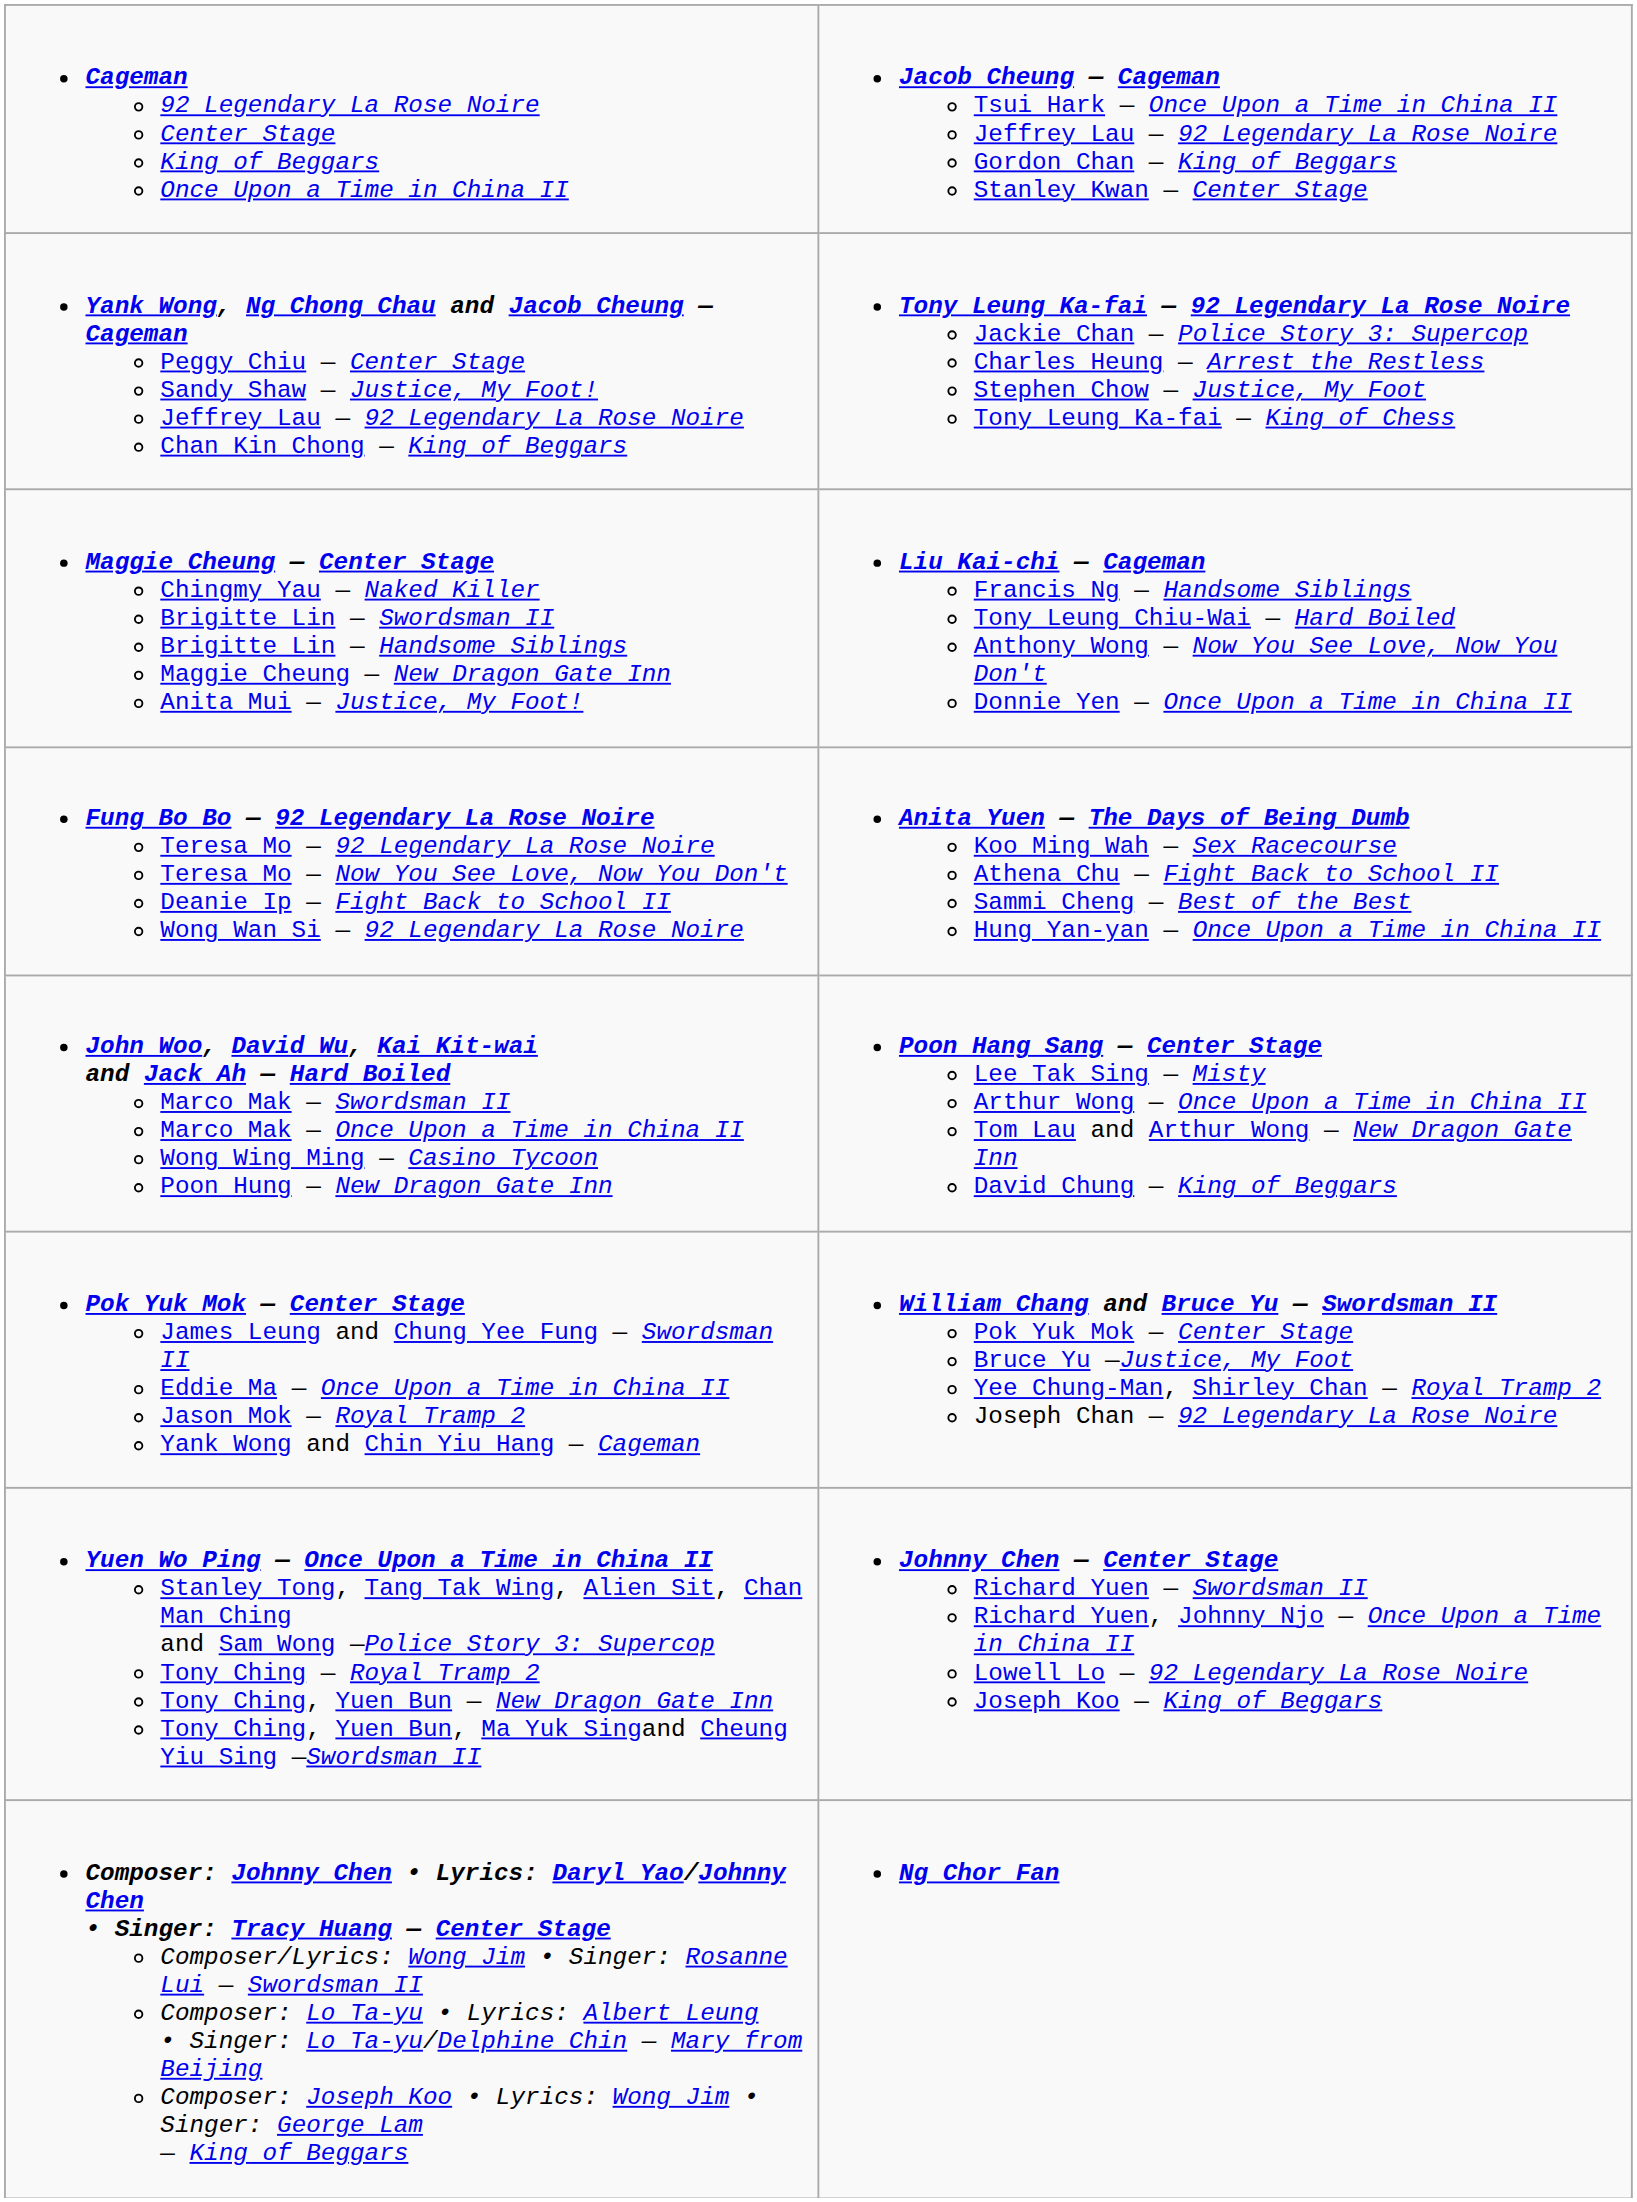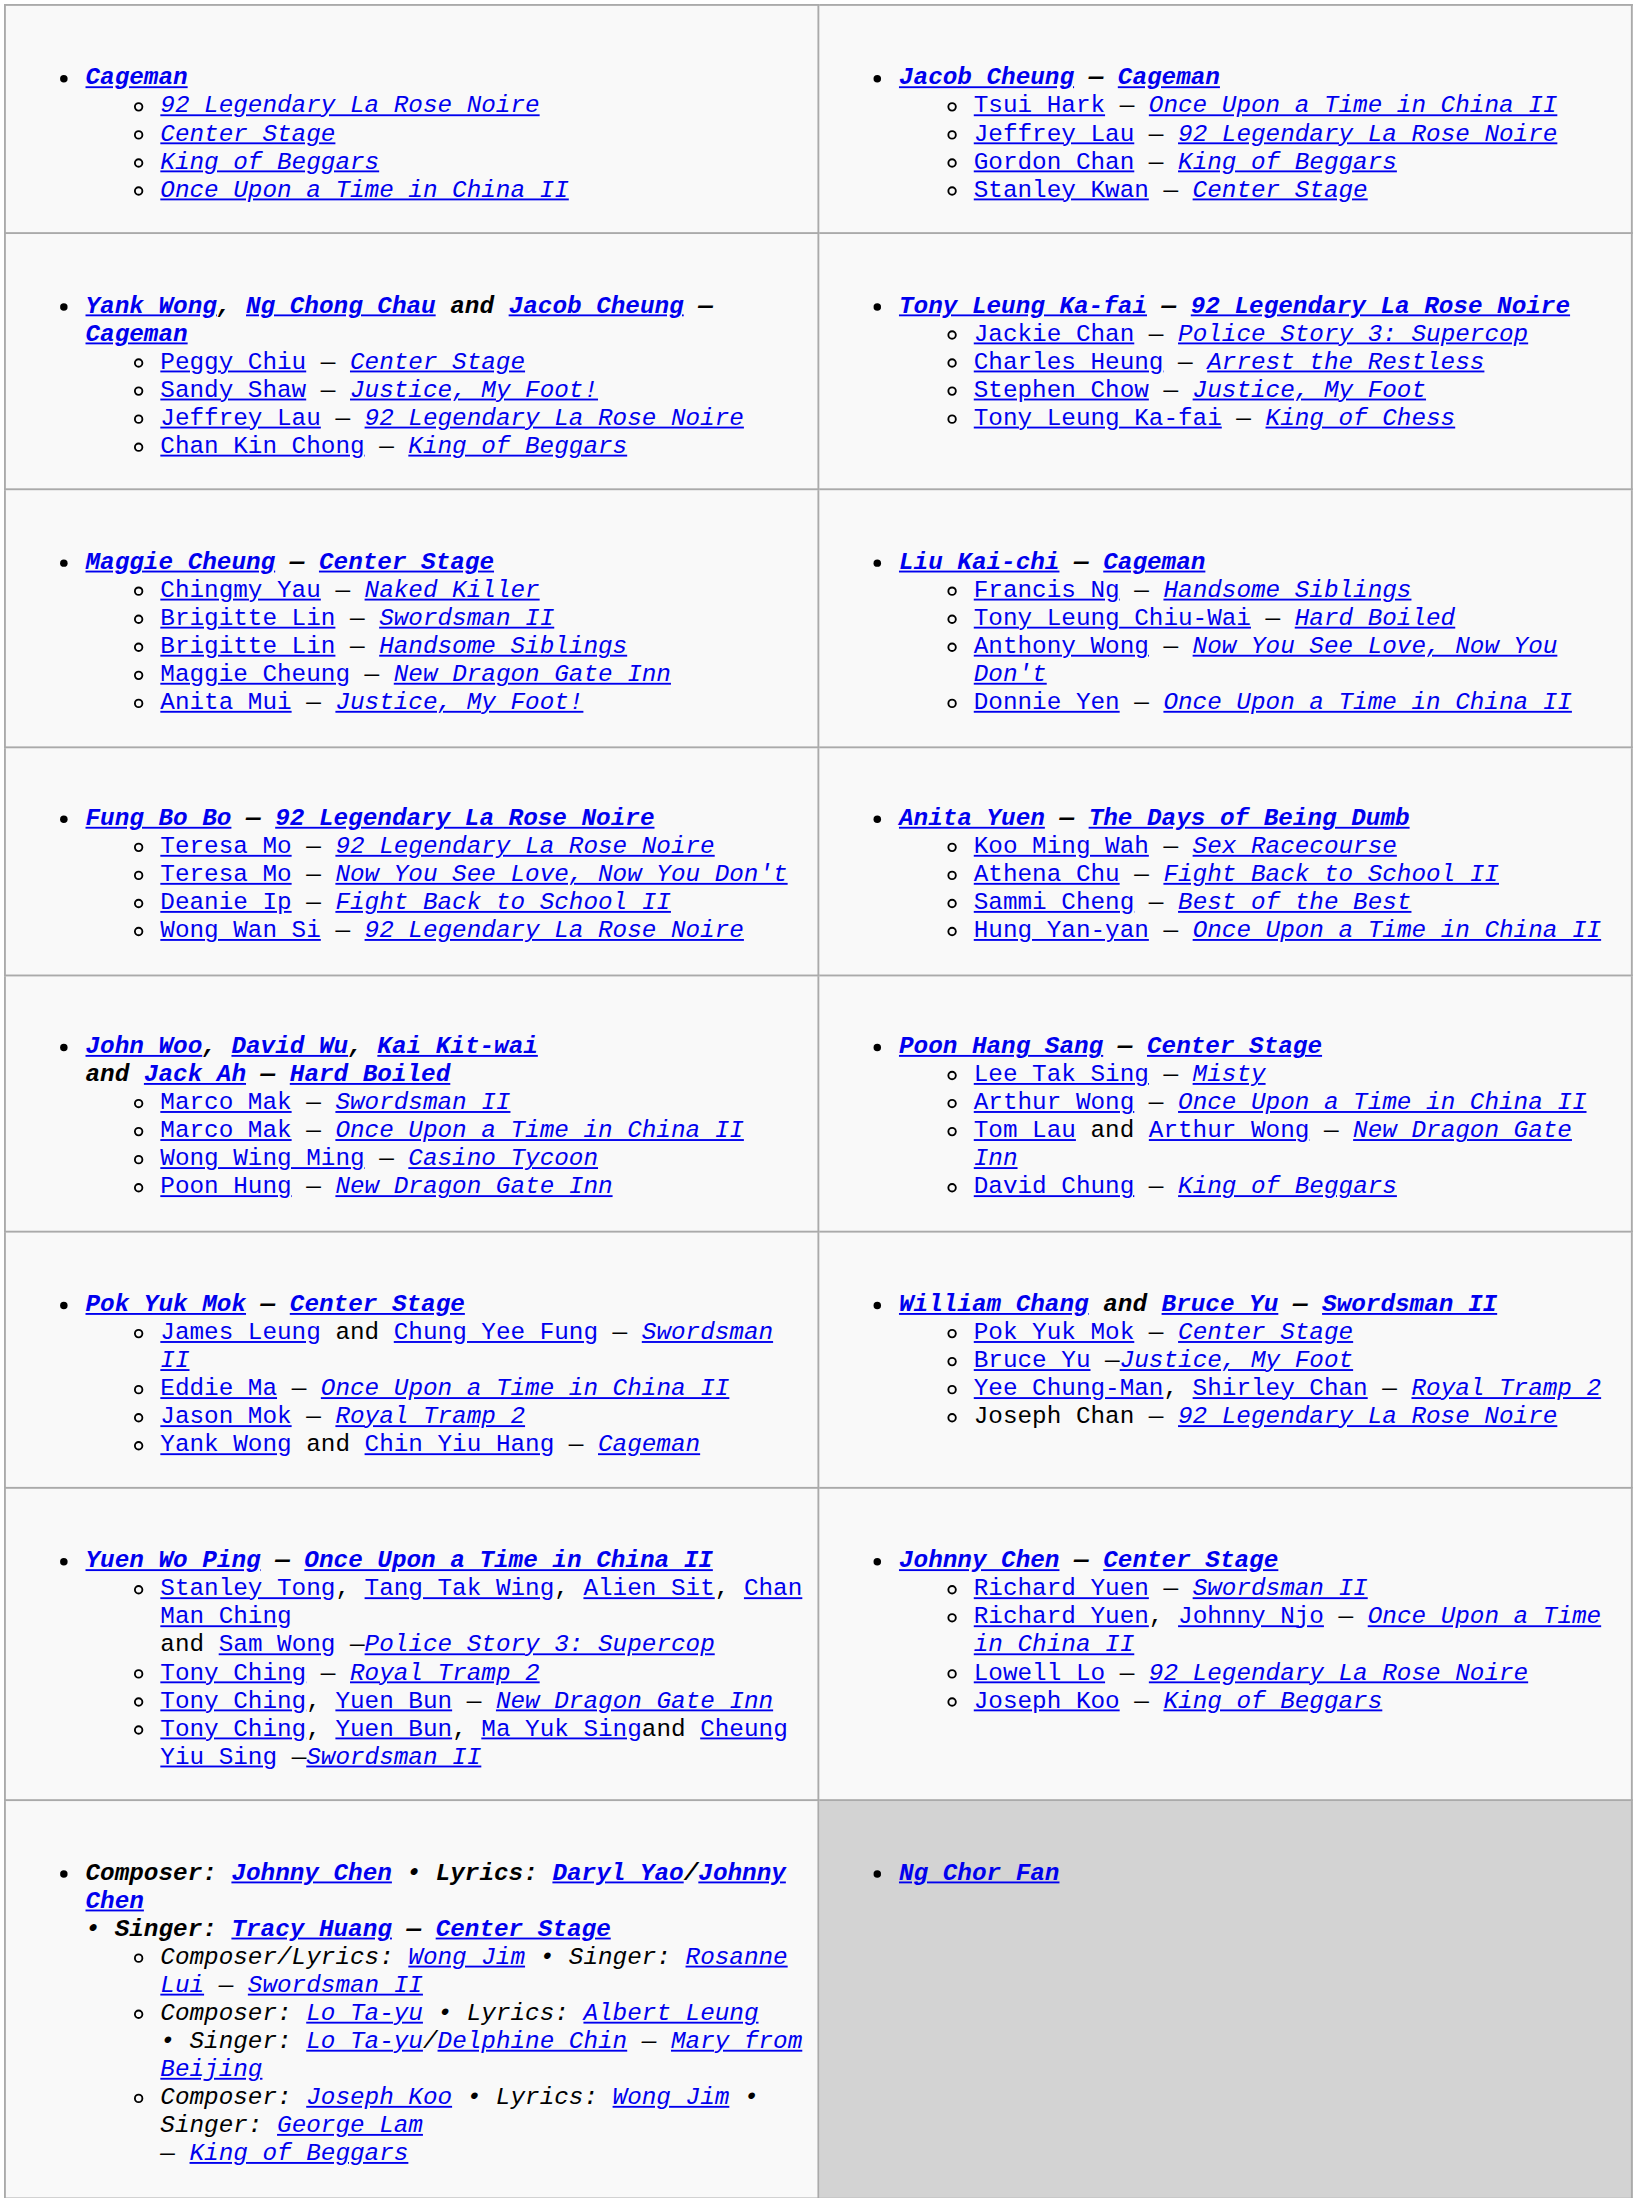 <table class=wikitable>
 <tr>
 <td valign="top" width="50%"><br><ul><li><strong><em><a href='#'>Cageman</a></em></strong><ul><li><em><a href='#'>92 Legendary La Rose Noire</a></em></li><li><em><a href='#'>Center Stage</a></em></li><li><em><a href='#'>King of Beggars</a></em></li><li><em><a href='#'>Once Upon a Time in China II</a></em></li></ul></li></ul></td>
 <td valign="top" width="50%"><br><ul><li><strong><em><a href='#'>Jacob Cheung</a> — <a href='#'>Cageman</a></em></strong><ul><li><a href='#'>Tsui Hark</a> — <em><a href='#'>Once Upon a Time in China II</a></em></li><li><a href='#'>Jeffrey Lau</a> — <em><a href='#'>92 Legendary La Rose Noire</a></em></li><li><a href='#'>Gordon Chan</a> — <em><a href='#'>King of Beggars</a></em></li><li><a href='#'>Stanley Kwan</a> — <em><a href='#'>Center Stage</a></em></li></ul></li></ul></td>
 </tr>
 <tr>
 <td valign="top" width="50%"><br><ul><li><strong><em><a href='#'>Yank Wong</a>, <a href='#'>Ng Chong Chau</a> and <a href='#'>Jacob Cheung</a> — <a href='#'>Cageman</a></em></strong><ul><li><a href='#'>Peggy Chiu</a> — <em><a href='#'>Center Stage</a></em></li><li><a href='#'>Sandy Shaw</a> —<em> <a href='#'>Justice, My Foot!</a></em></li><li><a href='#'>Jeffrey Lau</a> — <em><a href='#'>92 Legendary La Rose Noire</a></em></li><li><a href='#'>Chan Kin Chong</a> — <em><a href='#'>King of Beggars</a></em></li></ul></li></ul></td>
 <td valign="top" width="50%"><br><ul><li><strong><em><a href='#'>Tony Leung Ka-fai</a> — <a href='#'>92 Legendary La Rose Noire</a></em></strong><ul><li><a href='#'>Jackie Chan</a> — <em><a href='#'>Police Story 3: Supercop</a></em></li><li><a href='#'>Charles Heung</a> — <em><a href='#'>Arrest the Restless</a></em></li><li><a href='#'>Stephen Chow</a> — <em><a href='#'>Justice, My Foot</a></em></li><li><a href='#'>Tony Leung Ka-fai</a> — <em><a href='#'>King of Chess</a></em></li></ul></li></ul></td>
 </tr>
 <tr>
 <td valign="top" width="50%"><br><ul><li><strong><em><a href='#'>Maggie Cheung</a> — <a href='#'>Center Stage</a></em></strong><ul><li><a href='#'>Chingmy Yau</a> — <em><a href='#'>Naked Killer</a></em></li><li><a href='#'>Brigitte Lin</a> — <em><a href='#'>Swordsman II</a></em></li><li><a href='#'>Brigitte Lin</a> — <em><a href='#'>Handsome Siblings</a></em></li><li><a href='#'>Maggie Cheung</a> —<em> <a href='#'>New Dragon Gate Inn</a></em></li><li><a href='#'>Anita Mui</a> — <em><a href='#'>Justice, My Foot!</a></em></li></ul></li></ul></td>
 <td valign="top" width="50%"><br><ul><li><strong><em><a href='#'>Liu Kai-chi</a> — <a href='#'>Cageman</a></em></strong><ul><li><a href='#'>Francis Ng</a> —<em> <a href='#'>Handsome Siblings</a></em></li><li><a href='#'>Tony Leung Chiu-Wai</a> — <em><a href='#'>Hard Boiled</a></em></li><li><a href='#'>Anthony Wong</a> — <em><a href='#'>Now You See Love, Now You Don't</a></em></li><li><a href='#'>Donnie Yen</a> — <em><a href='#'>Once Upon a Time in China II</a></em></li></ul></li></ul></td>
 </tr>
 <tr>
 <td valign="top" width="50%"><br><ul><li><strong><em><a href='#'>Fung Bo Bo</a> — <a href='#'>92 Legendary La Rose Noire</a></em></strong><ul><li><a href='#'>Teresa Mo</a> — <em><a href='#'>92 Legendary La Rose Noire</a></em></li><li><a href='#'>Teresa Mo</a> — <em><a href='#'>Now You See Love, Now You Don't</a></em></li><li><a href='#'>Deanie Ip</a> — <em><a href='#'>Fight Back to School II</a></em></li><li><a href='#'>Wong Wan Si</a> — <em><a href='#'>92 Legendary La Rose Noire</a></em></li></ul></li></ul></td>
 <td valign="top" width="50%"><br><ul><li><strong><em><a href='#'>Anita Yuen</a> — <a href='#'>The Days of Being Dumb</a></em></strong><ul><li><a href='#'>Koo Ming Wah</a> — <em><a href='#'>Sex Racecourse</a></em></li><li><a href='#'>Athena Chu</a> — <em><a href='#'>Fight Back to School II</a></em></li><li><a href='#'>Sammi Cheng</a> — <em><a href='#'>Best of the Best</a></em></li><li><a href='#'>Hung Yan-yan</a> —<em> <a href='#'>Once Upon a Time in China II</a></em></li></ul></li></ul></td>
 </tr>
 <tr>
 <td valign="top" width="50%"><br><ul><li><strong><em><a href='#'>John Woo</a>, <a href='#'>David Wu</a>, <a href='#'>Kai Kit-wai</a> <br> and <a href='#'>Jack Ah</a> — <a href='#'>Hard Boiled</a></em></strong><ul><li><a href='#'>Marco Mak</a> — <em><a href='#'>Swordsman II</a></em></li><li><a href='#'>Marco Mak</a> — <em><a href='#'>Once Upon a Time in China II</a></em></li><li><a href='#'>Wong Wing Ming</a> —<em> <a href='#'>Casino Tycoon</a></em></li><li><a href='#'>Poon Hung</a> — <em><a href='#'>New Dragon Gate Inn</a></em></li></ul></li></ul></td>
 <td valign="top" width="50%"><br><ul><li><strong><em><a href='#'>Poon Hang Sang</a> — <a href='#'>Center Stage</a></em></strong><ul><li><a href='#'>Lee Tak Sing</a> — <em><a href='#'>Misty</a></em></li><li><a href='#'>Arthur Wong</a> — <em><a href='#'>Once Upon a Time in China II</a></em></li><li><a href='#'>Tom Lau</a> and <a href='#'>Arthur Wong</a> — <em><a href='#'>New Dragon Gate Inn</a></em></li><li><a href='#'>David Chung</a> —<em> <a href='#'>King of Beggars</a></em></li></ul></li></ul></td>
 </tr>
 <tr>
 <td valign="top" width="50%"><br><ul><li><strong><em><a href='#'>Pok Yuk Mok</a> — <a href='#'>Center Stage</a></em></strong><ul><li><a href='#'>James Leung</a> and <a href='#'>Chung Yee Fung</a> — <em><a href='#'>Swordsman II</a></em></li><li><a href='#'>Eddie Ma</a> —<em> <a href='#'>Once Upon a Time in China II</a></em></li><li><a href='#'>Jason Mok</a> — <em><a href='#'>Royal Tramp 2</a></em></li><li><a href='#'>Yank Wong</a> and <a href='#'>Chin Yiu Hang</a> — <em><a href='#'>Cageman</a></em></li></ul></li></ul></td>
 <td valign="top" width="50%"><br><ul><li><strong><em><a href='#'>William Chang</a> and <a href='#'>Bruce Yu</a> — <a href='#'>Swordsman II</a></em></strong><ul><li><a href='#'>Pok Yuk Mok</a> —<em> <a href='#'>Center Stage</a></em></li><li><a href='#'>Bruce Yu</a> —<em><a href='#'>Justice, My Foot</a></em></li><li><a href='#'>Yee Chung-Man</a>, <a href='#'>Shirley Chan</a> — <em><a href='#'>Royal Tramp 2</a></em></li><li>Joseph Chan — <em><a href='#'>92 Legendary La Rose Noire</a></em></li></ul></li></ul></td>
 </tr>
 <tr>
 <td valign="top" width="50%"><br><ul><li><strong><em><a href='#'>Yuen Wo Ping</a> — <a href='#'>Once Upon a Time in China II</a></em></strong><ul><li><a href='#'>Stanley Tong</a>, <a href='#'>Tang Tak Wing</a>, <a href='#'>Alien Sit</a>, <a href='#'>Chan Man Ching</a> <br>and  <a href='#'>Sam Wong</a> —<em><a href='#'>Police Story 3: Supercop</a></em></li><li><a href='#'>Tony Ching</a> —<em> <a href='#'>Royal Tramp 2</a></em></li><li><a href='#'>Tony Ching</a>, <a href='#'>Yuen Bun</a> —<em> <a href='#'>New Dragon Gate Inn</a></em></li><li><a href='#'>Tony Ching</a>, <a href='#'>Yuen Bun</a>, <a href='#'>Ma Yuk Sing</a>and <a href='#'>Cheung Yiu Sing</a> —<em><a href='#'>Swordsman II</a></em></li></ul></li></ul></td>
 <td valign="top" width="50%"><br><ul><li><strong><em><a href='#'>Johnny Chen</a> — <a href='#'>Center Stage</a></em></strong><ul><li><a href='#'>Richard Yuen</a> —<em> <a href='#'>Swordsman II</a></em></li><li><a href='#'>Richard Yuen</a>, <a href='#'>Johnny Njo</a> —<em> <a href='#'>Once Upon a Time in China II</a></em></li><li><a href='#'>Lowell Lo</a> — <em><a href='#'>92 Legendary La Rose Noire</a></em></li><li><a href='#'>Joseph Koo</a> —<em> <a href='#'>King of Beggars</a></em></li></ul></li></ul></td>
 </tr>
 <tr>
 <td valign="top" width="50%"><br><ul><li><strong><em>Composer: <a href='#'>Johnny Chen</a> • Lyrics: <a href='#'>Daryl Yao</a>/<a href='#'>Johnny Chen</a> <br>• Singer: <a href='#'>Tracy Huang</a> —  <a href='#'>Center Stage</a></em></strong><ul><li><em>Composer/Lyrics: <a href='#'>Wong Jim</a> • Singer: <a href='#'>Rosanne Lui</a> —  <a href='#'>Swordsman II</a></em></li><li><em>Composer: <a href='#'>Lo Ta-yu</a> • Lyrics: <a href='#'>Albert Leung</a> <br>• Singer: <a href='#'>Lo Ta-yu</a>/<a href='#'>Delphine Chin</a> —  <a href='#'>Mary from Beijing</a></em></li><li><em>Composer: <a href='#'>Joseph Koo</a> • Lyrics: <a href='#'>Wong Jim</a> • Singer: <a href='#'>George Lam</a> <br>—  <a href='#'>King of Beggars</a></em></li></ul></li></ul></td>
-<td valign="top" width="50%"><br><ul><li><strong><em><a href='#'>Ng Chor Fan</a></em></strong></li></ul></td>
+<td valign="top" width="50%" style="background: lightgrey;"><br><ul><li><strong><em><a href='#'>Ng Chor Fan</a></em></strong></li></ul></td>
 </tr>
 </table>
